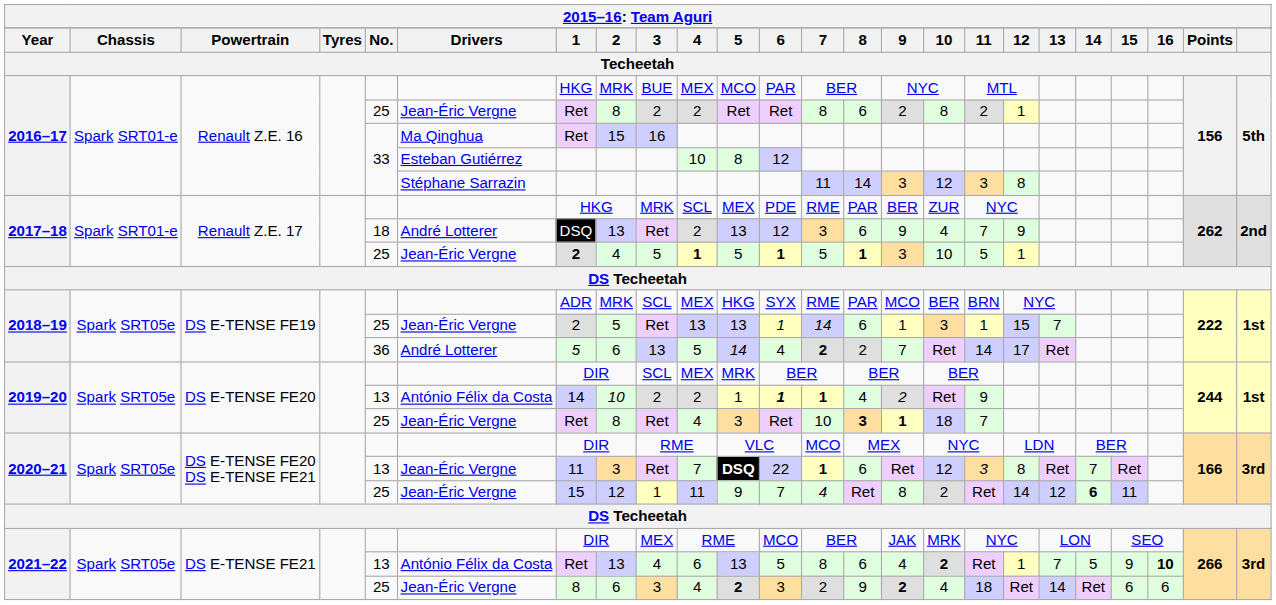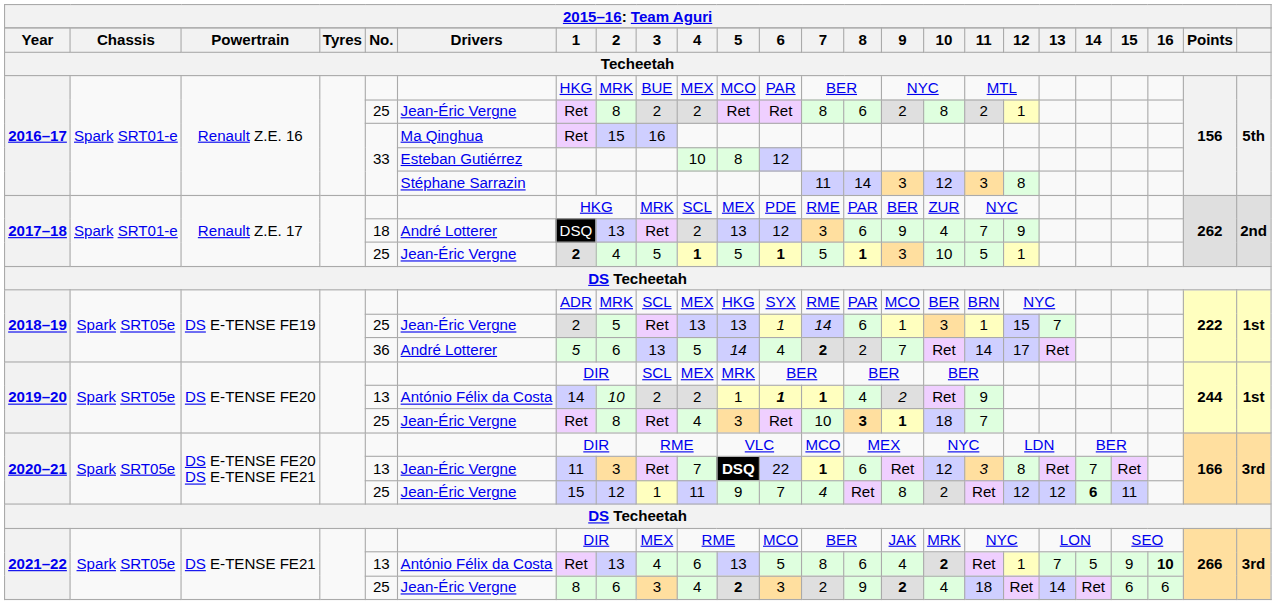 <table class="wikitable" style="font-size: 85%; text-align:center;">
 <tr>
 <th colspan="24"><a href='#'>2015–16</a>: <a href='#'>Team Aguri</a></th>
 </tr>
 <tr>
 </tr>
 <tr valign="top">
 <th valign=middle>Year</th>
 <th valign=middle>Chassis</th>
 <th valign=middle>Powertrain</th>
 <th valign=middle>Tyres</th>
 <th valign=middle>No.</th>
 <th valign=middle>Drivers</th>
 <th style="width:26px;">1</th>
 <th style="width:26px;">2</th>
 <th style="width:26px;">3</th>
 <th style="width:26px;">4</th>
 <th style="width:26px;">5</th>
 <th style="width:26px;">6</th>
 <th style="width:26px;">7</th>
 <th style="width:26px;">8</th>
 <th style="width:26px;">9</th>
 <th style="width:26px;">10</th>
 <th style="width:26px;">11</th>
 <th style="width:26px;">12</th>
 <th style="width:26px;">13</th>
 <th style="width:26px;">14</th>
 <th style="width:26px;">15</th>
 <th style="width:26px;">16</th>
 <th valign="middle">Points</th>
 <th></th>
 </tr>
 <tr>
 <th colspan="24"> Techeetah</th>
 </tr>
 <tr>
 <th rowspan=5><a href='#'>2016–17</a></th>
 <td rowspan=5><a href='#'>Spark</a> <a href='#'>SRT01-e</a></td>
 <td rowspan=5><a href='#'>Renault</a> Z.E. 16</td>
 <td rowspan=5></td>
 <td></td>
 <td></td>
 <td><a href='#'>HKG</a></td>
 <td><a href='#'>MRK</a></td>
 <td><a href='#'>BUE</a></td>
 <td><a href='#'>MEX</a></td>
 <td><a href='#'>MCO</a></td>
 <td><a href='#'>PAR</a></td>
 <td colspan=2><a href='#'>BER</a></td>
 <td colspan=2><a href='#'>NYC</a></td>
 <td colspan=2><a href='#'>MTL</a></td>
 <td></td>
 <td></td>
 <td></td>
 <td></td>
 <th rowspan=5>156</th>
 <th rowspan=5>5th</th>
 </tr>
 <tr>
 <td>25</td>
 <td align=left> <a href='#'>Jean-Éric Vergne</a></td>
 <td style="background:#EFCFFF;">Ret</td>
 <td style="background:#DFFFDF;">8</td>
 <td style="background:#DFDFDF;">2</td>
 <td style="background:#DFDFDF;">2</td>
 <td style="background:#EFCFFF;">Ret</td>
 <td style="background:#EFCFFF;">Ret</td>
 <td style="background:#DFFFDF;">8</td>
 <td style="background:#DFFFDF;">6</td>
 <td style="background:#DFDFDF;">2</td>
 <td style="background:#DFFFDF;">8</td>
 <td style="background:#DFDFDF;">2</td>
 <td style="background:#FFFFBF;">1</td>
 <td></td>
 <td></td>
 <td></td>
 <td></td>
 </tr>
 <tr>
 <td rowspan=3>33</td>
 <td align=left> <a href='#'>Ma Qinghua</a></td>
 <td style="background:#EFCFFF;">Ret</td>
 <td style="background:#CFCFFF;">15</td>
 <td style="background:#CFCFFF;">16</td>
 <td></td>
 <td></td>
 <td></td>
 <td></td>
 <td></td>
 <td></td>
 <td></td>
 <td></td>
 <td></td>
 <td></td>
 <td></td>
 <td></td>
 <td></td>
 </tr>
 <tr>
 <td align=left> <a href='#'>Esteban Gutiérrez</a></td>
 <td></td>
 <td></td>
 <td></td>
 <td style="background:#DFFFDF;">10</td>
 <td style="background:#DFFFDF;">8</td>
 <td style="background:#CFCFFF;">12</td>
 <td></td>
 <td></td>
 <td></td>
 <td></td>
 <td></td>
 <td></td>
 <td></td>
 <td></td>
 <td></td>
 <td></td>
 </tr>
 <tr>
 <td align="left"> <a href='#'>Stéphane Sarrazin</a></td>
 <td></td>
 <td></td>
 <td></td>
 <td></td>
 <td></td>
 <td></td>
 <td style="background:#CFCFFF;">11</td>
 <td style="background:#CFCFFF;">14</td>
 <td style="background:#ffdf9f;">3</td>
 <td style="background:#CFCFFF;">12</td>
 <td style="background:#ffdf9f;">3</td>
 <td style="background:#DFFFDF;">8</td>
 <td></td>
 <td></td>
 <td></td>
 <td></td>
 </tr>
 <tr>
 <th rowspan="3"><a href='#'>2017–18</a></th>
 <td rowspan="3"><a href='#'>Spark</a> <a href='#'>SRT01-e</a></td>
 <td rowspan="3"><a href='#'>Renault</a> Z.E. 17</td>
 <td rowspan="3"></td>
 <td></td>
 <td></td>
 <td colspan="2"><a href='#'>HKG</a></td>
 <td><a href='#'>MRK</a></td>
 <td><a href='#'>SCL</a></td>
 <td><a href='#'>MEX</a></td>
 <td><a href='#'>PDE</a></td>
 <td><a href='#'>RME</a></td>
 <td><a href='#'>PAR</a></td>
 <td><a href='#'>BER</a></td>
 <td><a href='#'>ZUR</a></td>
 <td colspan="2"><a href='#'>NYC</a></td>
 <td></td>
 <td></td>
 <td></td>
 <td></td>
 <th rowspan="3" style="background:#DFDFDF;">262</th>
 <th rowspan="3" style="background:#DFDFDF;">2nd</th>
 </tr>
 <tr>
 <td>18</td>
 <td align="left"> <a href='#'>André Lotterer</a></td>
 <td style="background:#000000; color:white;">DSQ</td>
 <td style="background:#CFCFFF;">13</td>
 <td style="background:#EFCFFF;">Ret</td>
 <td style="background:#DFDFDF;">2</td>
 <td style="background:#CFCFFF;">13</td>
 <td style="background:#CFCFFF;">12</td>
 <td style="background:#ffdf9f;">3</td>
 <td style="background:#DFFFDF;">6</td>
 <td style="background:#DFFFDF;">9</td>
 <td style="background:#DFFFDF;">4</td>
 <td style="background:#DFFFDF;">7</td>
 <td style="background:#DFFFDF;">9</td>
 <td></td>
 <td></td>
 <td></td>
 <td></td>
 </tr>
 <tr>
 <td>25</td>
 <td align="left"> <a href='#'>Jean-Éric Vergne</a></td>
 <td style="background:#DFDFDF;"><strong>2</strong></td>
 <td style="background:#DFFFDF;">4</td>
 <td style="background:#DFFFDF;">5</td>
 <td style="background:#FFFFBF;"><strong>1</strong></td>
 <td style="background:#DFFFDF;">5</td>
 <td style="background:#FFFFBF;"><strong>1</strong></td>
 <td style="background:#DFFFDF;">5</td>
 <td style="background:#FFFFBF;"><strong>1</strong></td>
 <td style="background:#ffdf9f;">3</td>
 <td style="background:#DFFFDF;">10</td>
 <td style="background:#DFFFDF;">5</td>
 <td style="background:#FFFFBF;">1</td>
 <td></td>
 <td></td>
 <td></td>
 <td></td>
 </tr>
 <tr>
 <th colspan="24"> <a href='#'>DS</a> Techeetah</th>
 </tr>
 <tr>
 <th rowspan=3><a href='#'>2018–19</a></th>
 <td rowspan=3><a href='#'>Spark</a> <a href='#'>SRT05e</a></td>
 <td rowspan=3><a href='#'>DS</a> E-TENSE FE19</td>
 <td rowspan=3></td>
 <td></td>
 <td></td>
 <td><a href='#'>ADR</a></td>
 <td><a href='#'>MRK</a></td>
 <td><a href='#'>SCL</a></td>
 <td><a href='#'>MEX</a></td>
 <td><a href='#'>HKG</a></td>
 <td><a href='#'>SYX</a></td>
 <td><a href='#'>RME</a></td>
 <td><a href='#'>PAR</a></td>
 <td><a href='#'>MCO</a></td>
 <td><a href='#'>BER</a></td>
 <td><a href='#'>BRN</a></td>
 <td colspan=2><a href='#'>NYC</a></td>
 <td></td>
 <td></td>
 <td></td>
 <th rowspan="3" style="background:#FFFFBF;">222</th>
 <th rowspan="3" style="background:#FFFFBF;">1st</th>
 </tr>
 <tr>
 <td>25</td>
 <td align="left"> <a href='#'>Jean-Éric Vergne</a></td>
 <td style="background:#DFDFDF;">2</td>
 <td style="background:#DFFFDF;">5</td>
 <td style="background:#EFCFFF;">Ret</td>
 <td style="background:#CFCFFF;">13</td>
 <td style="background:#CFCFFF;">13</td>
 <td style="background:#FFFFBF;"><em>1</em></td>
 <td style="background:#CFCFFF;"><em>14</em></td>
 <td style="background:#DFFFDF;">6</td>
 <td style="background:#FFFFBF;">1</td>
 <td style="background:#ffdf9f;">3</td>
 <td style="background:#FFFFBF;">1</td>
 <td style="background:#CFCFFF;">15</td>
 <td style="background:#DFFFDF;">7</td>
 <td></td>
 <td></td>
 <td></td>
 </tr>
 <tr>
 <td>36</td>
 <td align="left"> <a href='#'>André Lotterer</a></td>
 <td style="background:#DFFFDF;"><em>5</em></td>
 <td style="background:#DFFFDF;">6</td>
 <td style="background:#CFCFFF;">13</td>
 <td style="background:#DFFFDF;">5</td>
 <td style="background:#CFCFFF;"><em>14</em></td>
 <td style="background:#DFFFDF;">4</td>
 <td style="background:#DFDFDF;"><strong>2</strong></td>
 <td style="background:#DFDFDF;">2</td>
 <td style="background:#DFFFDF;">7</td>
 <td style="background:#EFCFFF;">Ret</td>
 <td style="background:#CFCFFF;">14</td>
 <td style="background:#CFCFFF;">17</td>
 <td style="background:#EFCFFF;">Ret</td>
 <td></td>
 <td></td>
 </tr>
 <tr>
 <th rowspan=3><a href='#'>2019–20</a></th>
 <td rowspan=3><a href='#'>Spark</a> <a href='#'>SRT05e</a></td>
 <td rowspan=3><a href='#'>DS</a> E-TENSE FE20</td>
 <td rowspan=3></td>
 <td></td>
 <td></td>
 <td colspan=2><a href='#'>DIR</a></td>
 <td><a href='#'>SCL</a></td>
 <td><a href='#'>MEX</a></td>
 <td><a href='#'>MRK</a></td>
 <td colspan=2><a href='#'>BER</a></td>
 <td colspan=2><a href='#'>BER</a></td>
 <td colspan=2><a href='#'>BER</a></td>
 <td></td>
 <td></td>
 <td></td>
 <td></td>
 <td></td>
 <th rowspan=3 style="background:#FFFFBF;">244</th>
 <th rowspan=3 style="background:#FFFFBF;">1st</th>
 </tr>
 <tr>
 <td>13</td>
 <td align="left"> <a href='#'>António Félix da Costa</a></td>
 <td style="background-color:#CFCFFF;">14</td>
 <td style="background-color:#DFFFDF;"><em>10</em></td>
 <td style="background:#DFDFDF;">2</td>
 <td style="background:#DFDFDF;">2</td>
 <td style="background:#FFFFBF;">1</td>
 <td style="background:#FFFFBF;"><strong><em>1</em></strong></td>
 <td style="background:#FFFFBF;"><strong>1</strong></td>
 <td style="background:#DFFFDF;">4</td>
 <td style="background:#DFDFDF;"><em>2</em></td>
 <td style="background:#EFCFFF;">Ret</td>
 <td style="background:#DFFFDF;">9</td>
 <td></td>
 <td></td>
 <td></td>
 <td></td>
 <td></td>
 </tr>
 <tr>
 <td>25</td>
 <td align="left"> <a href='#'>Jean-Éric Vergne</a></td>
 <td style="background-color:#EFCFFF;">Ret</td>
 <td style="background-color:#DFFFDF;">8</td>
 <td style="background-color:#EFCFFF;">Ret</td>
 <td style="background:#DFFFDF;">4</td>
 <td style="background:#ffdf9f;">3</td>
 <td style="background:#EFCFFF;">Ret</td>
 <td style="background:#DFFFDF;">10</td>
 <td style="background:#ffdf9f;"><strong>3</strong></td>
 <td style="background:#FFFFBF;"><strong>1</strong></td>
 <td style="background:#CFCFFF;">18</td>
 <td style="background:#DFFFDF;">7</td>
 <td></td>
 <td></td>
 <td></td>
 <td></td>
 </tr>
 <tr>
 <th rowspan=3><a href='#'>2020–21</a></th>
 <td rowspan=3><a href='#'>Spark</a> <a href='#'>SRT05e</a></td>
 <td rowspan=3><a href='#'>DS</a> E-TENSE FE20<br><a href='#'>DS</a> E-TENSE FE21</td>
 <td rowspan=3></td>
 <td></td>
 <td></td>
 <td colspan=2><a href='#'>DIR</a></td>
 <td colspan=2><a href='#'>RME</a></td>
 <td colspan=2><a href='#'>VLC</a></td>
 <td><a href='#'>MCO</a></td>
 <td colspan=2><a href='#'>MEX</a></td>
 <td colspan=2><a href='#'>NYC</a></td>
 <td colspan=2><a href='#'>LDN</a></td>
 <td colspan=2><a href='#'>BER</a></td>
 <td></td>
 <th rowspan=3 style="background:#ffdf9f;">166</th>
 <th rowspan=3 style="background:#ffdf9f;">3rd</th>
 </tr>
 <tr>
 <td>13</td>
 <td align="left"> <a href='#'>Jean-Éric Vergne</a></td>
 <td style="background:#CFCFFF;">11</td>
 <td style="background:#ffdf9f;">3</td>
 <td style="background-color:#EFCFFF;">Ret</td>
 <td style="background:#DFFFDF;">7</td>
 <td style="background:#000000; color:white;"><strong>DSQ</strong></td>
 <td style="background:#CFCFFF;">22</td>
 <td style="background:#FFFFBF;"><strong>1</strong></td>
 <td style="background:#DFFFDF">6</td>
 <td style="background:#EFCFFF">Ret</td>
 <td style="background:#CFCFFF">12</td>
 <td style="background:#FFDF9F"><em>3</em></td>
 <td style="background:#DFFFDF">8</td>
 <td style="background:#EFCFFF">Ret</td>
 <td style="background:#DFFFDF">7</td>
 <td style="background:#EFCFFF">Ret</td>
 <td></td>
 </tr>
 <tr>
 <td>25</td>
 <td align="left"> <a href='#'>Jean-Éric Vergne</a></td>
 <td style="background:#CFCFFF;">15</td>
 <td style="background:#CFCFFF;">12</td>
 <td style="background:#FFFFBF;">1</td>
 <td style="background:#CFCFFF;">11</td>
 <td style="background:#DFFFDF;">9</td>
 <td style="background:#DFFFDF;">7</td>
 <td style="background:#DFFFDF;"><em>4</em></td>
 <td style="background:#EFCFFF">Ret</td>
 <td style="background:#DFFFDF">8</td>
 <td style="background:#DFDFDF">2</td>
 <td style="background:#EFCFFF">Ret</td>
-<td style="background:#CFCFFF">14</td>
+<td style="background:#CFCFFF">12</td>
 <td style="background:#CFCFFF">12</td>
 <td style="background:#DFFFDF"><strong>6</strong></td>
 <td style="background:#CFCFFF;">11</td>
 <td></td>
 </tr>
 <tr>
 <th colspan="24"> <a href='#'>DS</a> Techeetah</th>
 </tr>
 <tr>
 <th rowspan=3><a href='#'>2021–22</a></th>
 <td rowspan=3><a href='#'>Spark</a> <a href='#'>SRT05e</a></td>
 <td rowspan=3><a href='#'>DS</a> E-TENSE FE21</td>
 <td rowspan=3></td>
 <td></td>
 <td></td>
 <td colspan=2><a href='#'>DIR</a></td>
 <td><a href='#'>MEX</a></td>
 <td colspan=2><a href='#'>RME</a></td>
 <td><a href='#'>MCO</a></td>
 <td colspan=2><a href='#'>BER</a></td>
 <td><a href='#'>JAK</a></td>
 <td><a href='#'>MRK</a></td>
 <td colspan=2><a href='#'>NYC</a></td>
 <td colspan=2><a href='#'>LON</a></td>
 <td colspan=2><a href='#'>SEO</a></td>
 <th rowspan=3  style="background:#FFDF9F;">266</th>
 <th rowspan=3  style="background:#FFDF9F;">3rd</th>
 </tr>
 <tr>
 <td>13</td>
 <td align="left"> <a href='#'>António Félix da Costa</a></td>
 <td style="background:#EFCFFF">Ret</td>
 <td style="background:#CFCFFF">13</td>
 <td style="background:#DFFFDF">4</td>
 <td style="background:#DFFFDF">6</td>
 <td style="background:#CFCFFF">13</td>
 <td style="background:#DFFFDF">5</td>
 <td style="background:#DFFFDF">8</td>
 <td style="background:#DFFFDF">6</td>
 <td style="background:#DFFFDF">4</td>
 <td style="background:#DFDFDF"><strong>2</strong></td>
 <td style="background:#EFCFFF">Ret</td>
 <td style="background:#FFFFBF">1</td>
 <td style="background:#DFFFDF">7</td>
 <td style="background:#DFFFDF">5</td>
 <td style="background:#DFFFDF">9</td>
 <td style="background:#DFFFDF"><strong>10</strong></td>
 </tr>
 <tr>
 <td>25</td>
 <td align="left"> <a href='#'>Jean-Éric Vergne</a></td>
 <td style="background:#DFFFDF">8</td>
 <td style="background:#DFFFDF">6</td>
 <td style="background:#FFDF9F">3</td>
 <td style="background:#DFFFDF">4</td>
 <td style="background:#DFDFDF"><strong>2</strong></td>
 <td style="background:#FFDF9F">3</td>
 <td style="background:#DFDFDF">2</td>
 <td style="background:#DFFFDF">9</td>
 <td style="background:#DFDFDF"><strong>2</strong></td>
 <td style="background:#DFFFDF">4</td>
 <td style="background:#CFCFFF">18</td>
 <td style="background:#EFCFFF">Ret</td>
 <td style="background:#CFCFFF">14</td>
 <td style="background:#EFCFFF">Ret</td>
 <td style="background:#DFFFDF">6</td>
 <td style="background:#DFFFDF">6</td>
 </tr>
 </table>
